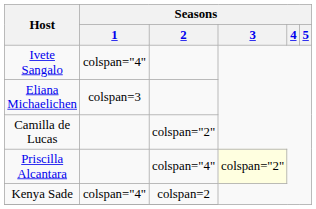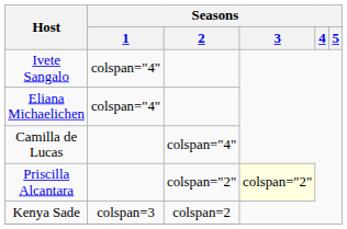 <table class="wikitable" style="text-align:center; width:25%">
 <tr>
 <th rowspan=2 width="15%">Host</th>
 <th colspan=5>Seasons</th>
 </tr>
 <tr>
 <th width="5%"><a href='#'>1</a></th>
 <th width="5%"><a href='#'>2</a></th>
 <th width="5%"><a href='#'>3</a></th>
 <th width="5%"><a href='#'>4</a></th>
 <th width="5%"><a href='#'>5</a></th>
 </tr>
 <tr>
 <td><a href='#'>Ivete Sangalo</a></td>
 <td>colspan="4" </td>
 <td></td>
 </tr>
 <tr>
 <td><a href='#'>Eliana Michaelichen</a></td>
-<td>colspan=3 </td>
+<td>colspan="4" </td>
 <td></td>
 </tr>
 <tr>
 <td>Camilla de Lucas</td>
 <td></td>
-<td>colspan="2" </td>
+<td>colspan="4" </td>
 </tr>
 <tr>
 <td><a href='#'>Priscilla Alcantara</a></td>
 <td></td>
-<td>colspan="4" </td>
+<td>colspan="2" </td>
 <td style="background: lightyellow;">colspan="2" </td>
 </tr>
 <tr>
 <td>Kenya Sade</td>
-<td>colspan="4" </td>
+<td>colspan=3 </td>
 <td>colspan=2 </td>
 </tr>
 <tr>
 </tr>
 </table>
